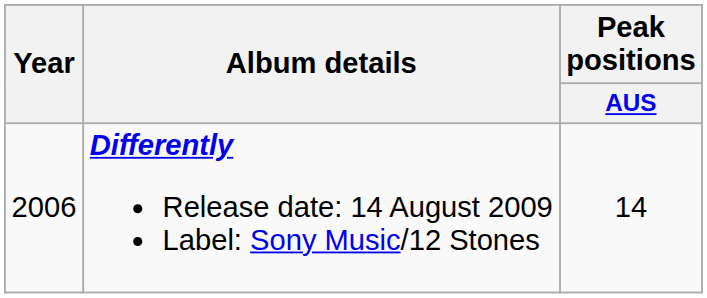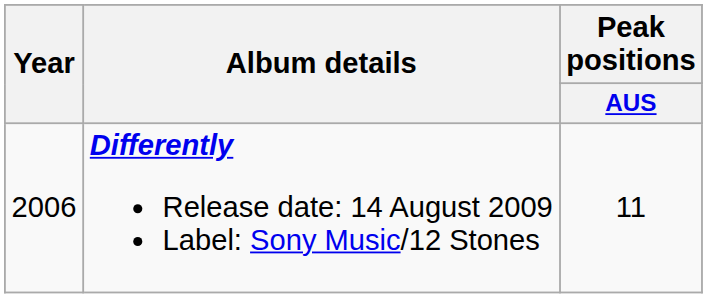 <table class="wikitable" style="text-align:center;">
 <tr>
 <th rowspan="2">Year</th>
 <th rowspan="2">Album details</th>
 <th>Peak positions</th>
 </tr>
 <tr style="font-size:smaller;">
 <th style="width:50px;"><a href='#'>AUS</a><br></th>
 </tr>
 <tr>
 <td>2006</td>
 <td style="text-align:left;"><strong><em><a href='#'>Differently</a></em></strong><br><ul><li>Release date: 14 August 2009</li><li>Label: <a href='#'>Sony Music</a>/12 Stones</li></ul></td>
-<td>14</td>
+<td>11</td>
 </tr>
 </table>
